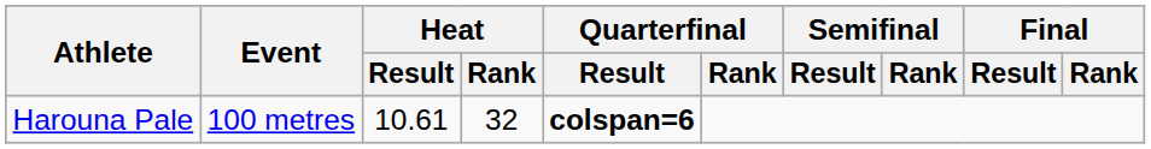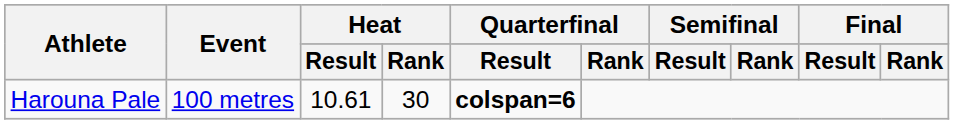 <table class=wikitable style=font-size:90%>
 <tr>
 <th rowspan=2>Athlete</th>
 <th rowspan=2>Event</th>
 <th colspan=2>Heat</th>
 <th colspan=2>Quarterfinal</th>
 <th colspan=2>Semifinal</th>
 <th colspan=2>Final</th>
 </tr>
 <tr style=font-size:95%>
 <th>Result</th>
 <th>Rank</th>
 <th>Result</th>
 <th>Rank</th>
 <th>Result</th>
 <th>Rank</th>
 <th>Result</th>
 <th>Rank</th>
 </tr>
 <tr align=center>
 <td align=left><a href='#'>Harouna Pale</a></td>
 <td align=left><a href='#'>100 metres</a></td>
 <td>10.61</td>
-<td>32</td>
+<td>30</td>
 <td><strong>colspan=6 </strong></td>
 </tr>
 </table>
